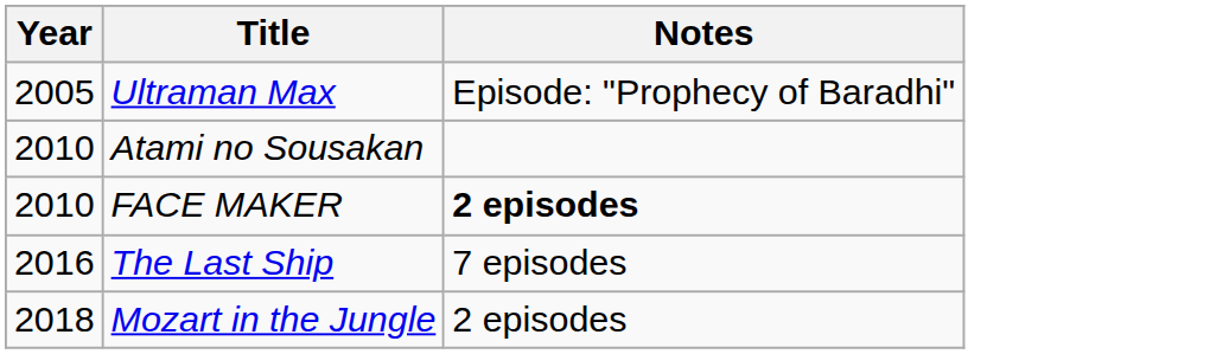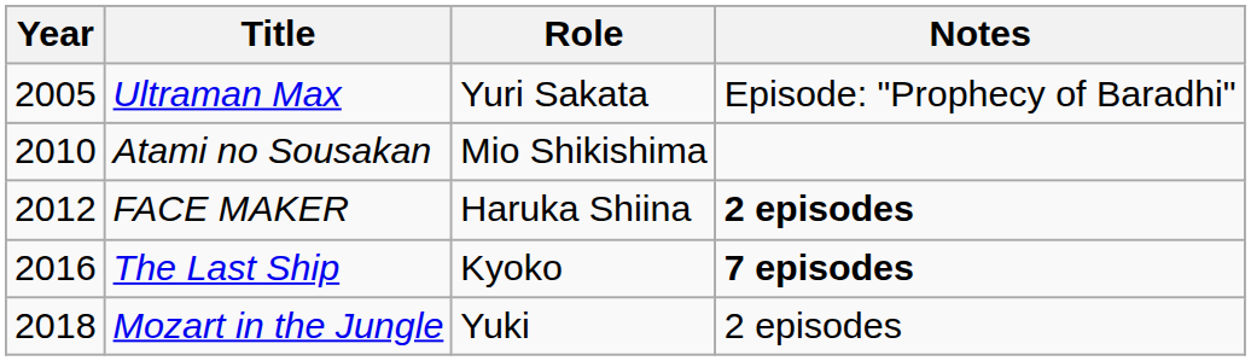 <table class="wikitable sortable">
 <tr>
 <th>Year</th>
 <th>Title</th>
+<th>Role</th>
 <th>Notes</th>
 </tr>
 <tr>
 <td>2005</td>
 <td><em><a href='#'>Ultraman Max</a></em></td>
+<td>Yuri Sakata</td>
 <td>Episode: "Prophecy of Baradhi"</td>
 </tr>
 <tr>
 <td>2010</td>
 <td><em>Atami no Sousakan</em></td>
+<td>Mio Shikishima</td>
 <td></td>
 </tr>
 <tr>
-<td>2010</td>
+<td>2012</td>
 <td><em>FACE MAKER</em></td>
+<td>Haruka Shiina</td>
 <td><strong>2 episodes</strong></td>
 </tr>
 <tr>
 <td>2016</td>
 <td><em><a href='#'>The Last Ship</a></em></td>
-<td>7 episodes</td>
+<td>Kyoko</td>
+<td><strong>7 episodes</strong></td>
 </tr>
 <tr>
 <td>2018</td>
 <td><em><a href='#'>Mozart in the Jungle</a></em></td>
+<td>Yuki</td>
 <td>2 episodes</td>
 </tr>
 </table>
